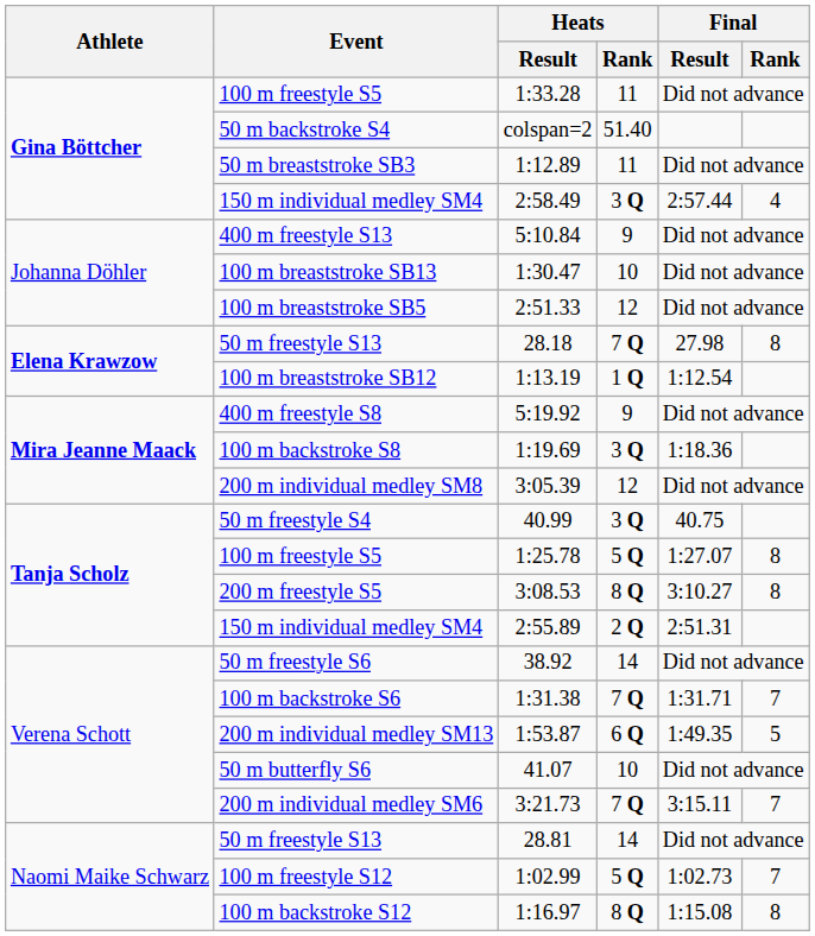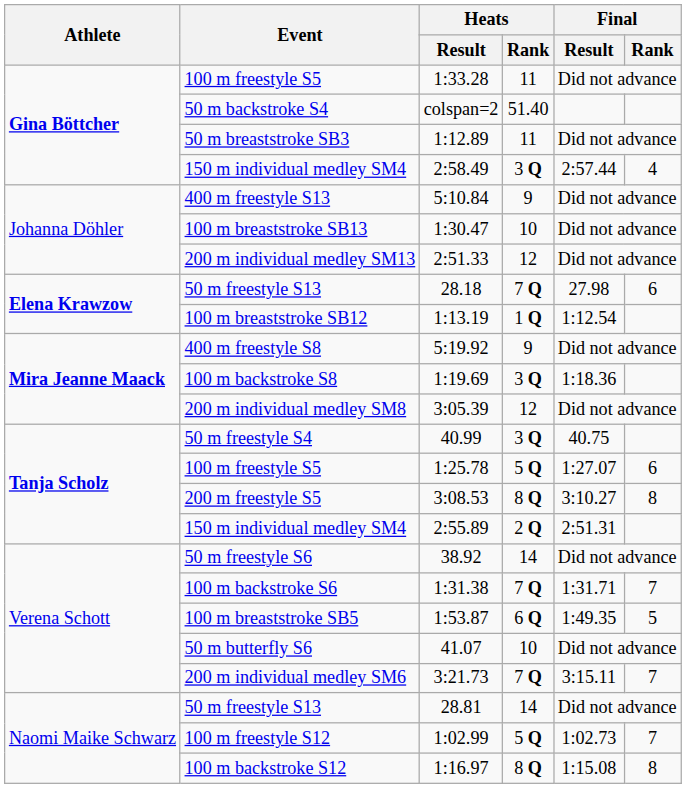 <table class=wikitable style="font-size:90%">
 <tr>
 <th rowspan="2">Athlete</th>
 <th rowspan="2">Event</th>
 <th colspan="2">Heats</th>
 <th colspan="2">Final</th>
 </tr>
 <tr>
 <th>Result</th>
 <th>Rank</th>
 <th>Result</th>
 <th>Rank</th>
 </tr>
 <tr align=center>
 <td align=left rowspan=4><strong><a href='#'>Gina Böttcher</a></strong></td>
 <td align=left><a href='#'>100 m freestyle S5</a></td>
 <td>1:33.28</td>
 <td>11</td>
 <td colspan=2>Did not advance</td>
 </tr>
 <tr align=center>
 <td align=left><a href='#'>50 m backstroke S4</a></td>
 <td>colspan=2</td>
 <td>51.40</td>
 <td></td>
 </tr>
 <tr align=center>
 <td align=left><a href='#'>50 m breaststroke SB3</a></td>
 <td>1:12.89</td>
 <td>11</td>
 <td colspan=2>Did not advance</td>
 </tr>
 <tr align=center>
 <td align=left><a href='#'>150 m individual medley SM4</a></td>
 <td>2:58.49</td>
 <td>3 <strong>Q</strong></td>
 <td>2:57.44</td>
 <td>4</td>
 </tr>
 <tr align=center>
 <td align=left rowspan=3><a href='#'>Johanna Döhler</a></td>
 <td align=left><a href='#'>400 m freestyle S13</a></td>
 <td>5:10.84</td>
 <td>9</td>
 <td colspan=2>Did not advance</td>
 </tr>
 <tr align=center>
 <td align=left><a href='#'>100 m breaststroke SB13</a></td>
 <td>1:30.47</td>
 <td>10</td>
 <td colspan=2>Did not advance</td>
 </tr>
 <tr align=center>
-<td align=left><a href='#'>100 m breaststroke SB5</a></td>
+<td align=left><a href='#'>200 m individual medley SM13</a></td>
 <td>2:51.33</td>
 <td>12</td>
 <td colspan=2>Did not advance</td>
 </tr>
 <tr align=center>
 <td align=left rowspan=2><strong><a href='#'>Elena Krawzow</a></strong></td>
 <td align=left><a href='#'>50 m freestyle S13</a></td>
 <td>28.18</td>
 <td>7 <strong>Q</strong></td>
 <td>27.98</td>
-<td>8</td>
+<td>6</td>
 </tr>
 <tr align=center>
 <td align=left><a href='#'>100 m breaststroke SB12</a></td>
 <td>1:13.19 </td>
 <td>1 <strong>Q</strong></td>
 <td>1:12.54 </td>
 <td></td>
 </tr>
 <tr align=center>
 <td align=left rowspan=3><strong><a href='#'>Mira Jeanne Maack</a></strong></td>
 <td align=left><a href='#'>400 m freestyle S8</a></td>
 <td>5:19.92</td>
 <td>9</td>
 <td colspan=2>Did not advance</td>
 </tr>
 <tr align=center>
 <td align=left><a href='#'>100 m backstroke S8</a></td>
 <td>1:19.69</td>
 <td>3 <strong>Q</strong></td>
 <td>1:18.36</td>
 <td></td>
 </tr>
 <tr align=center>
 <td align=left><a href='#'>200 m individual medley SM8</a></td>
 <td>3:05.39</td>
 <td>12</td>
 <td colspan=2>Did not advance</td>
 </tr>
 <tr align=center>
 <td align=left rowspan=4><strong><a href='#'>Tanja Scholz</a></strong></td>
 <td align=left><a href='#'>50 m freestyle S4</a></td>
 <td>40.99</td>
 <td>3 <strong>Q</strong></td>
 <td>40.75</td>
 <td></td>
 </tr>
 <tr align=center>
 <td align=left><a href='#'>100 m freestyle S5</a></td>
 <td>1:25.78 </td>
 <td>5 <strong>Q</strong></td>
 <td>1:27.07</td>
-<td>8</td>
+<td>6</td>
 </tr>
 <tr align=center>
 <td align=left><a href='#'>200 m freestyle S5</a></td>
 <td>3:08.53 </td>
 <td>8 <strong>Q</strong></td>
 <td>3:10.27</td>
 <td>8</td>
 </tr>
 <tr align=center>
 <td align=left><a href='#'>150 m individual medley SM4</a></td>
 <td>2:55.89</td>
 <td>2 <strong>Q</strong></td>
 <td>2:51.31 </td>
 <td></td>
 </tr>
 <tr align=center>
 <td align=left rowspan=5><a href='#'>Verena Schott</a></td>
 <td align=left><a href='#'>50 m freestyle S6</a></td>
 <td>38.92</td>
 <td>14</td>
 <td colspan=2>Did not advance</td>
 </tr>
 <tr align=center>
 <td align=left><a href='#'>100 m backstroke S6</a></td>
 <td>1:31.38</td>
 <td>7 <strong>Q</strong></td>
 <td>1:31.71</td>
 <td>7</td>
 </tr>
 <tr align=center>
-<td align=left><a href='#'>200 m individual medley SM13</a></td>
+<td align=left><a href='#'>100 m breaststroke SB5</a></td>
 <td>1:53.87</td>
 <td>6 <strong>Q</strong></td>
 <td>1:49.35</td>
 <td>5</td>
 </tr>
 <tr align=center>
 <td align=left><a href='#'>50 m butterfly S6</a></td>
 <td>41.07</td>
 <td>10</td>
 <td colspan=2>Did not advance</td>
 </tr>
 <tr align=center>
 <td align=left><a href='#'>200 m individual medley SM6</a></td>
 <td>3:21.73</td>
 <td>7 <strong>Q</strong></td>
 <td>3:15.11</td>
 <td>7</td>
 </tr>
 <tr align=center>
 <td align=left rowspan=3><a href='#'>Naomi Maike Schwarz</a></td>
 <td align=left><a href='#'>50 m freestyle S13</a></td>
 <td>28.81</td>
 <td>14</td>
 <td colspan=2>Did not advance</td>
 </tr>
 <tr align=center>
 <td align=left><a href='#'>100 m freestyle S12</a></td>
 <td>1:02.99</td>
 <td>5 <strong>Q</strong></td>
 <td>1:02.73</td>
 <td>7</td>
 </tr>
 <tr align=center>
 <td align=left><a href='#'>100 m backstroke S12</a></td>
 <td>1:16.97</td>
 <td>8 <strong>Q</strong></td>
 <td>1:15.08</td>
 <td>8</td>
 </tr>
 </table>
